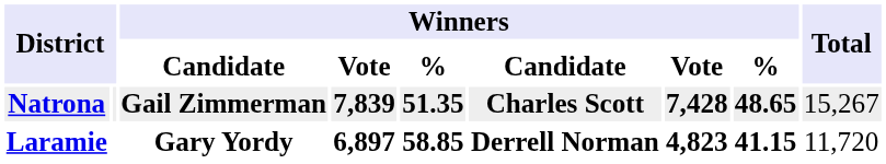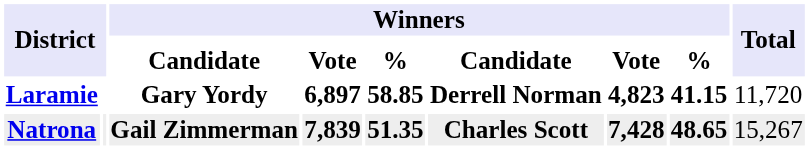 <table class="toccolours sortable" style="text-align:center;">
 <tr style="background:lavender">
 <th rowspan="3" colspan="2">District</th>
 <th colspan=6>Winners</th>
 <th rowspan="3">Total</th>
 </tr>
 <tr>
 <th colspan=6 style="background-color:"></th>
 </tr>
 <tr>
 <th align="center">Candidate</th>
 <th align="center">Vote</th>
 <th align="center">%</th>
 <th align="center">Candidate</th>
 <th align="center">Vote</th>
 <th align="center">%</th>
 </tr>
+<tr>
+<th><a href='#'>Laramie</a></th>
+<td style="background-color:"></td>
+<td><strong>Gary Yordy</strong></td>
+<td><strong>6,897</strong></td>
+<td><strong>58.85</strong></td>
+<td><strong>Derrell Norman</strong></td>
+<td><strong>4,823</strong></td>
+<td><strong>41.15</strong></td>
+<td>11,720</td>
+</tr>
 <tr style="background:#EEEEEE;">
 <th><a href='#'>Natrona</a></th>
 <td style="background-color:"></td>
 <td><strong>Gail Zimmerman</strong></td>
 <td><strong>7,839</strong></td>
 <td><strong>51.35</strong></td>
 <td><strong>Charles Scott</strong></td>
 <td><strong>7,428</strong></td>
 <td><strong>48.65</strong></td>
 <td>15,267</td>
 </tr>
-<tr>
-<th><a href='#'>Laramie</a></th>
-<td style="background-color:"></td>
-<td><strong>Gary Yordy</strong></td>
-<td><strong>6,897</strong></td>
-<td><strong>58.85</strong></td>
-<td><strong>Derrell Norman</strong></td>
-<td><strong>4,823</strong></td>
-<td><strong>41.15</strong></td>
-<td>11,720</td>
-</tr>
 </table>
